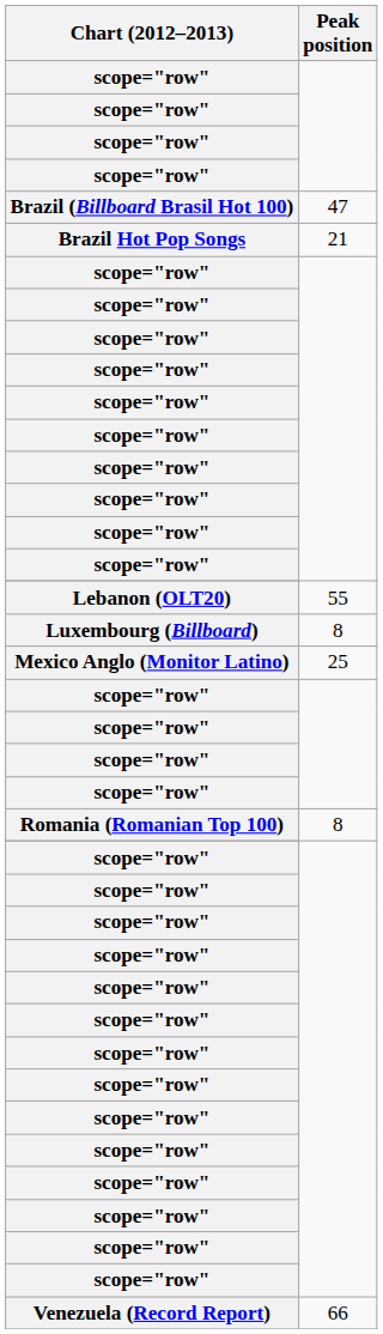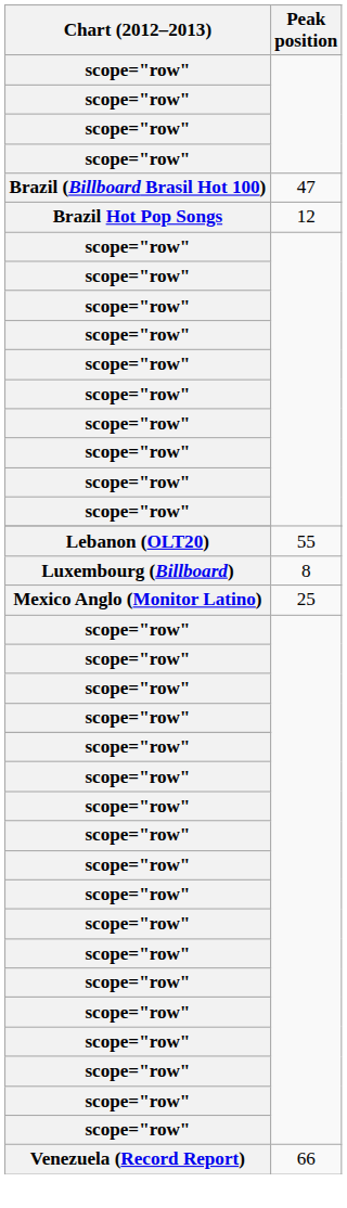 <table class="wikitable sortable plainrowheaders" style="text-align:center;">
 <tr>
 <th scope="col">Chart (2012–2013)</th>
 <th scope="col">Peak<br>position</th>
 </tr>
 <tr>
 <th>scope="row"</th>
 </tr>
 <tr>
 <th>scope="row"</th>
 </tr>
 <tr>
 <th>scope="row"</th>
 </tr>
 <tr>
 <th>scope="row"</th>
 </tr>
 <tr>
 <th scope="row">Brazil (<a href='#'><em>Billboard</em> Brasil Hot 100</a>)</th>
 <td style="text-align:center;">47</td>
 </tr>
 <tr>
 <th scope="row">Brazil <a href='#'>Hot Pop Songs</a></th>
-<td style="text-align:center;">21</td>
+<td style="text-align:center;">12</td>
 </tr>
 <tr>
 <th>scope="row"</th>
 </tr>
 <tr>
 <th>scope="row"</th>
 </tr>
 <tr>
 <th>scope="row"</th>
 </tr>
 <tr>
 <th>scope="row"</th>
 </tr>
 <tr>
 <th>scope="row"</th>
 </tr>
 <tr>
 <th>scope="row"</th>
 </tr>
 <tr>
 <th>scope="row"</th>
 </tr>
 <tr>
 <th>scope="row"</th>
 </tr>
 <tr>
 <th>scope="row"</th>
 </tr>
 <tr>
 <th>scope="row"</th>
 </tr>
 <tr>
 </tr>
 <tr>
 <th scope="row">Lebanon (<a href='#'>OLT20</a>)</th>
 <td>55</td>
 </tr>
 <tr>
 <th scope="row">Luxembourg (<em><a href='#'>Billboard</a></em>)</th>
 <td style="text-align:center;">8</td>
 </tr>
 <tr>
 <th scope="row">Mexico Anglo (<a href='#'>Monitor Latino</a>)</th>
 <td align="center">25</td>
 </tr>
 <tr>
 <th>scope="row"</th>
 </tr>
 <tr>
 <th>scope="row"</th>
 </tr>
 <tr>
 <th>scope="row"</th>
 </tr>
 <tr>
 <th>scope="row"</th>
 </tr>
 <tr>
-<th scope="row">Romania (<a href='#'>Romanian Top 100</a>)</th>
-<td style="text-align:center;">8</td>
-</tr>
-<tr>
 </tr>
 <tr>
 <th>scope="row"</th>
 </tr>
 <tr>
 <th>scope="row"</th>
 </tr>
 <tr>
 <th>scope="row"</th>
 </tr>
 <tr>
 <th>scope="row"</th>
 </tr>
 <tr>
 <th>scope="row"</th>
 </tr>
 <tr>
 <th>scope="row"</th>
 </tr>
 <tr>
 <th>scope="row"</th>
 </tr>
 <tr>
 <th>scope="row"</th>
 </tr>
 <tr>
 <th>scope="row"</th>
 </tr>
 <tr>
 <th>scope="row"</th>
 </tr>
 <tr>
 <th>scope="row"</th>
 </tr>
 <tr>
 <th>scope="row"</th>
 </tr>
 <tr>
 <th>scope="row"</th>
 </tr>
 <tr>
 <th>scope="row"</th>
 </tr>
 <tr>
 <th scope="row">Venezuela (<a href='#'>Record Report</a>)</th>
 <td align="center">66</td>
 </tr>
 </table>
